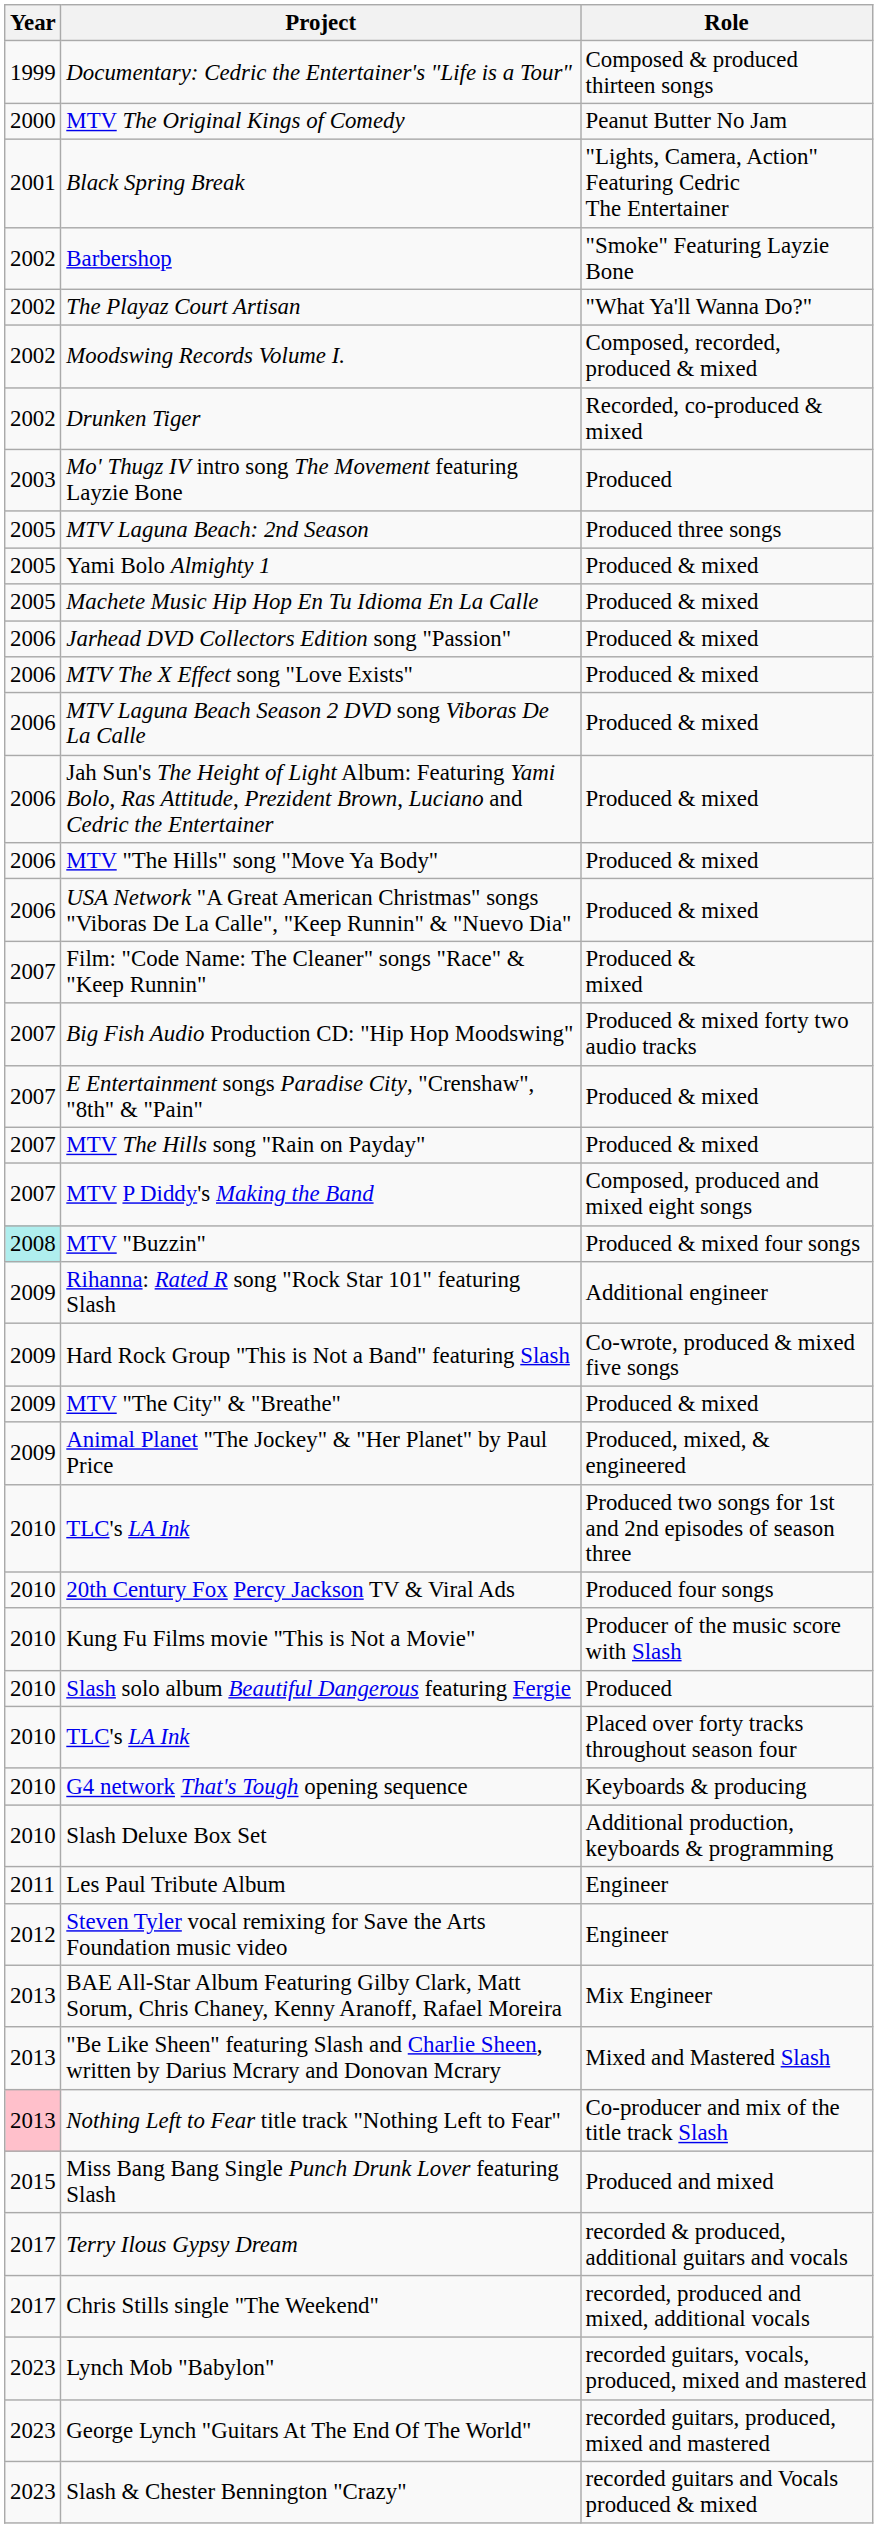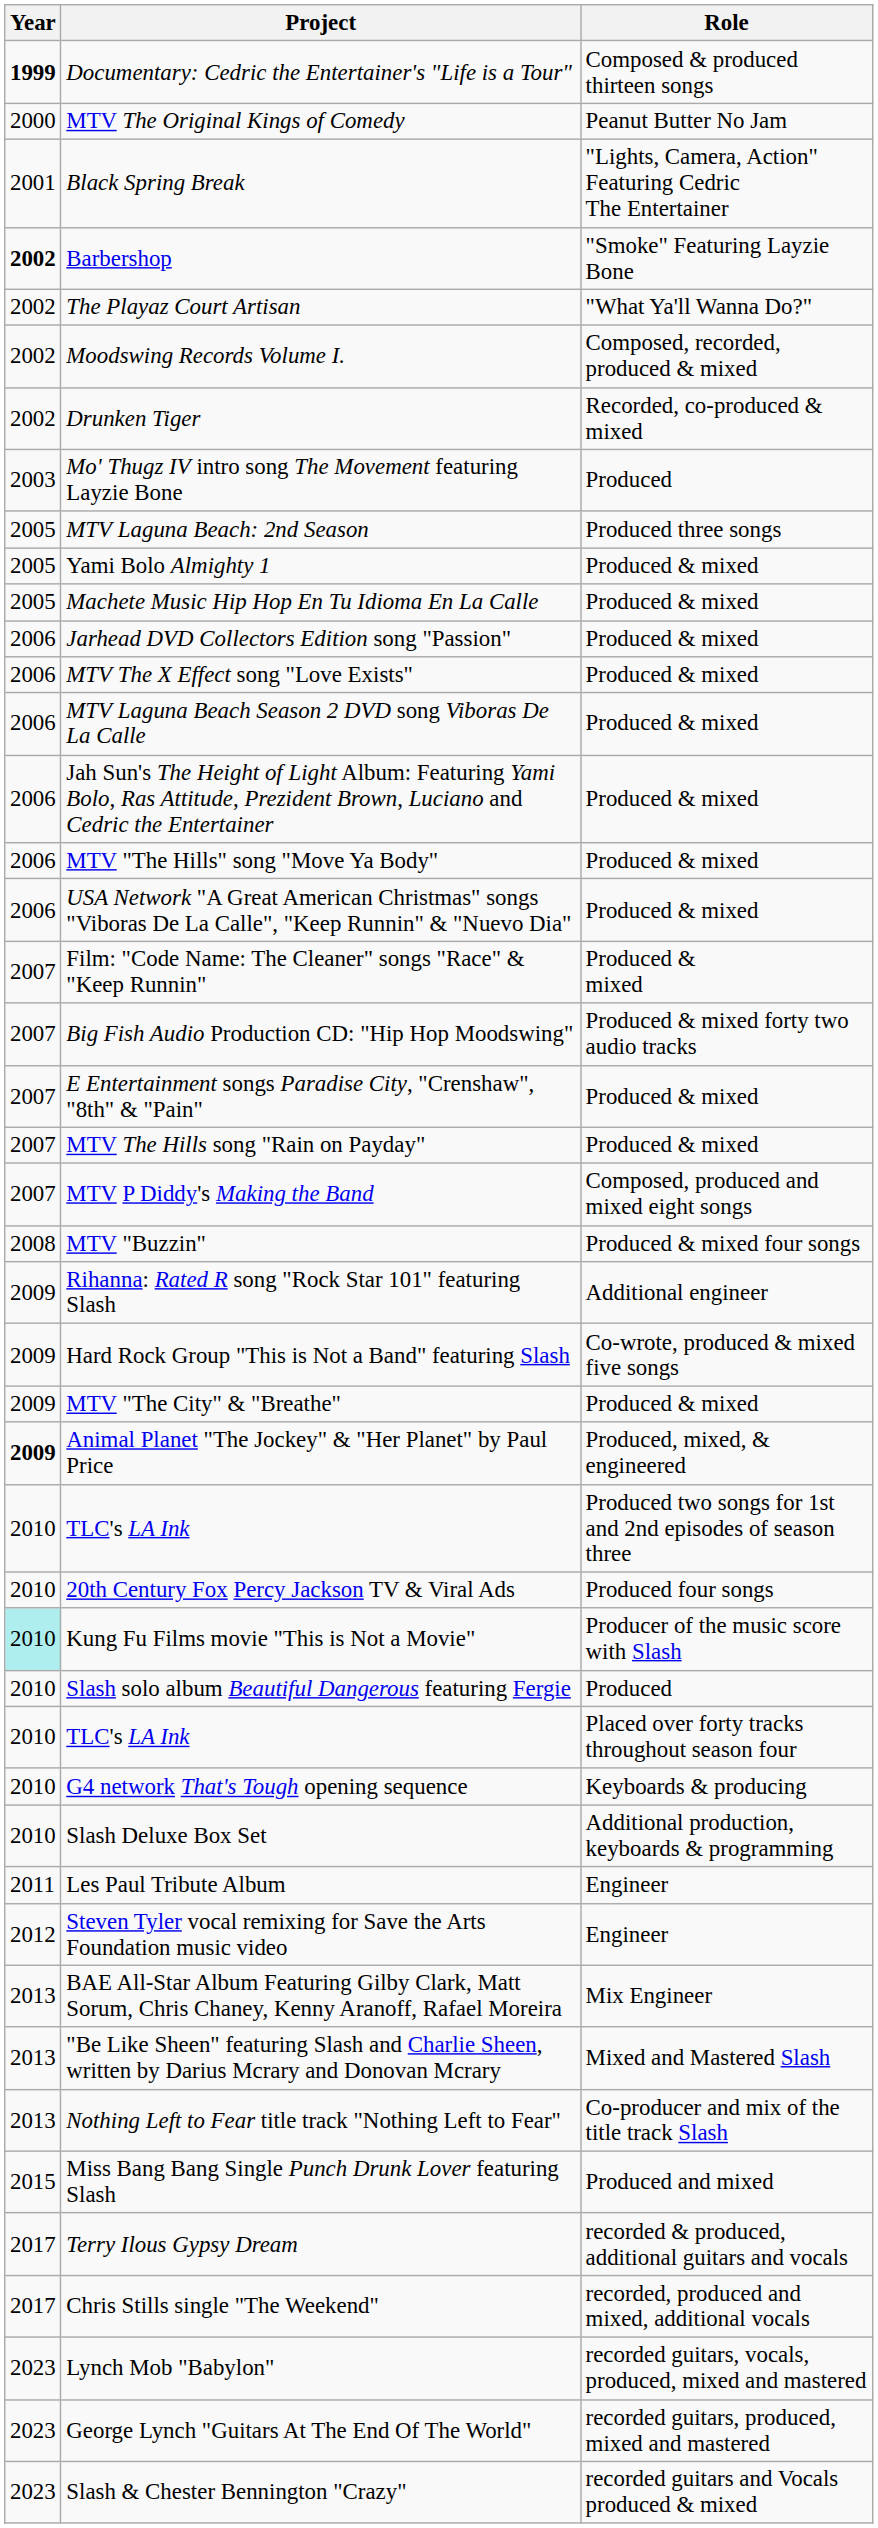 <table class="wikitable">
 <tr>
 <th>Year</th>
 <th>Project</th>
 <th>Role</th>
 </tr>
 <tr>
-<td>1999</td>
+<td><strong>1999</strong></td>
 <td><em>Documentary: Cedric the Entertainer's "Life is a Tour"</em></td>
 <td>Composed & produced thirteen songs</td>
 </tr>
 <tr>
 <td>2000</td>
 <td><a href='#'>MTV</a> <em>The Original Kings of Comedy</em></td>
 <td>Peanut Butter No Jam</td>
 </tr>
 <tr>
 <td>2001</td>
 <td><em>Black Spring Break</em></td>
 <td>"Lights, Camera, Action" Featuring Cedric<br>The Entertainer</td>
 </tr>
 <tr>
-<td>2002</td>
+<td><strong>2002</strong></td>
 <td><a href='#'>Barbershop</a></td>
 <td>"Smoke" Featuring Layzie Bone</td>
 </tr>
 <tr>
 <td>2002</td>
 <td><em>The Playaz Court Artisan</em></td>
 <td>"What Ya'll Wanna Do?"</td>
 </tr>
 <tr>
 <td>2002</td>
 <td><em>Moodswing Records Volume I.</em></td>
 <td>Composed, recorded, produced & mixed</td>
 </tr>
 <tr>
 <td>2002</td>
 <td><em>Drunken Tiger</em></td>
 <td>Recorded, co-produced & mixed</td>
 </tr>
 <tr>
 <td>2003</td>
 <td><em>Mo' Thugz IV</em> intro song <em>The Movement</em> featuring Layzie Bone</td>
 <td>Produced</td>
 </tr>
 <tr>
 <td>2005</td>
 <td><em>MTV</em> <em>Laguna Beach: 2nd Season</em></td>
 <td>Produced three songs</td>
 </tr>
 <tr>
 <td>2005</td>
 <td>Yami Bolo <em>Almighty 1</em></td>
 <td>Produced & mixed</td>
 </tr>
 <tr>
 <td>2005</td>
 <td><em>Machete Music</em> <em>Hip Hop En Tu Idioma</em> <em>En La Calle</em></td>
 <td>Produced & mixed</td>
 </tr>
 <tr>
 <td>2006</td>
 <td><em>Jarhead DVD Collectors Edition</em> song "Passion"</td>
 <td>Produced & mixed</td>
 </tr>
 <tr>
 <td>2006</td>
 <td><em>MTV</em> <em>The X Effect</em> song "Love Exists"</td>
 <td>Produced & mixed</td>
 </tr>
 <tr>
 <td>2006</td>
 <td><em>MTV</em> <em>Laguna Beach Season 2 DVD</em> song <em>Viboras De La Calle</em></td>
 <td>Produced & mixed</td>
 </tr>
 <tr>
 <td>2006</td>
 <td>Jah Sun's <em>The Height of Light</em> Album: Featuring <em>Yami Bolo</em>, <em>Ras Attitude</em>, <em>Prezident Brown</em>, <em>Luciano</em> and <em>Cedric the Entertainer</em></td>
 <td>Produced & mixed</td>
 </tr>
 <tr>
 <td>2006</td>
 <td><a href='#'>MTV</a> "The Hills" song "Move Ya Body"</td>
 <td>Produced & mixed</td>
 </tr>
 <tr>
 <td>2006</td>
 <td><em>USA Network</em> "A Great American Christmas" songs "Viboras De La Calle", "Keep Runnin" & "Nuevo Dia"</td>
 <td>Produced & mixed</td>
 </tr>
 <tr>
 <td>2007</td>
 <td>Film: "Code Name: The Cleaner" songs "Race" & "Keep Runnin"</td>
 <td>Produced &<br>mixed</td>
 </tr>
 <tr>
 <td>2007</td>
 <td><em>Big Fish Audio</em> Production CD: "Hip Hop Moodswing"</td>
 <td>Produced & mixed forty two audio tracks</td>
 </tr>
 <tr>
 <td>2007</td>
 <td><em>E Entertainment</em> songs <em>Paradise City</em>, "Crenshaw", "8th" & "Pain"</td>
 <td>Produced & mixed</td>
 </tr>
 <tr>
 <td>2007</td>
 <td><a href='#'>MTV</a> <em>The Hills</em> song "Rain on Payday"</td>
 <td>Produced & mixed</td>
 </tr>
 <tr>
 <td>2007</td>
 <td><a href='#'>MTV</a> <a href='#'>P Diddy</a>'s <em><a href='#'>Making the Band</a></em></td>
 <td>Composed, produced and mixed eight songs</td>
 </tr>
 <tr>
-<td style="background: paleturquoise;">2008</td>
+<td>2008</td>
 <td><a href='#'>MTV</a> "Buzzin"</td>
 <td>Produced & mixed four songs</td>
 </tr>
 <tr>
 <td>2009</td>
 <td><a href='#'>Rihanna</a>: <em><a href='#'>Rated R</a></em> song "Rock Star 101" featuring Slash</td>
 <td>Additional engineer</td>
 </tr>
 <tr>
 <td>2009</td>
 <td>Hard Rock Group "This is Not a Band" featuring <a href='#'>Slash</a></td>
 <td>Co-wrote, produced & mixed five songs</td>
 </tr>
 <tr>
 <td>2009</td>
 <td><a href='#'>MTV</a> "The City" & "Breathe"</td>
 <td>Produced & mixed</td>
 </tr>
 <tr>
-<td>2009</td>
+<td><strong>2009</strong></td>
 <td><a href='#'>Animal Planet</a> "The Jockey" & "Her Planet" by Paul Price</td>
 <td>Produced, mixed, & engineered</td>
 </tr>
 <tr>
 <td>2010</td>
 <td><a href='#'>TLC</a>'s <em><a href='#'>LA Ink</a></em></td>
 <td>Produced two songs for 1st and 2nd episodes of season three</td>
 </tr>
 <tr>
 <td>2010</td>
 <td><a href='#'>20th Century Fox</a> <a href='#'>Percy Jackson</a> TV & Viral Ads</td>
 <td>Produced four songs</td>
 </tr>
 <tr>
-<td>2010</td>
+<td style="background: paleturquoise;">2010</td>
 <td>Kung Fu Films movie "This is Not a Movie"</td>
 <td>Producer of the music score with <a href='#'>Slash</a></td>
 </tr>
 <tr>
 <td>2010</td>
 <td><a href='#'>Slash</a> solo album <em><a href='#'>Beautiful Dangerous</a></em> featuring <a href='#'>Fergie</a></td>
 <td>Produced</td>
 </tr>
 <tr>
 <td>2010</td>
 <td><a href='#'>TLC</a>'s <em><a href='#'>LA Ink</a></em></td>
 <td>Placed over forty tracks throughout season four</td>
 </tr>
 <tr>
 <td>2010</td>
 <td><a href='#'>G4 network</a> <em><a href='#'>That's Tough</a></em> opening sequence</td>
 <td>Keyboards & producing</td>
 </tr>
 <tr>
 <td>2010</td>
 <td>Slash Deluxe Box Set</td>
 <td>Additional production, keyboards & programming</td>
 </tr>
 <tr>
 <td>2011</td>
 <td>Les Paul Tribute Album</td>
 <td>Engineer</td>
 </tr>
 <tr>
 <td>2012</td>
 <td><a href='#'>Steven Tyler</a> vocal remixing for Save the Arts Foundation music video</td>
 <td>Engineer</td>
 </tr>
 <tr>
 <td>2013</td>
 <td>BAE All-Star Album Featuring Gilby Clark, Matt Sorum, Chris Chaney, Kenny Aranoff, Rafael Moreira</td>
 <td>Mix Engineer</td>
 </tr>
 <tr>
 <td>2013</td>
 <td>"Be Like Sheen" featuring Slash and <a href='#'>Charlie Sheen</a>, written by Darius Mcrary and Donovan Mcrary</td>
 <td>Mixed and Mastered <a href='#'>Slash</a></td>
 </tr>
 <tr>
-<td style="background: pink;">2013</td>
+<td>2013</td>
 <td><em>Nothing Left to Fear</em> title track "Nothing Left to Fear"</td>
 <td>Co-producer and mix of the title track <a href='#'>Slash</a></td>
 </tr>
 <tr>
 <td>2015</td>
 <td>Miss Bang Bang Single <em>Punch Drunk Lover</em> featuring Slash</td>
 <td>Produced and mixed</td>
 </tr>
 <tr>
 <td>2017</td>
 <td><em>Terry Ilous Gypsy Dream</em></td>
 <td>recorded & produced, additional guitars and vocals</td>
 </tr>
 <tr>
 <td>2017</td>
 <td>Chris Stills single "The Weekend"</td>
 <td>recorded, produced and mixed, additional vocals</td>
 </tr>
 <tr>
 <td>2023</td>
 <td>Lynch Mob "Babylon"</td>
 <td>recorded guitars, vocals, produced, mixed and mastered</td>
 </tr>
 <tr>
 <td>2023</td>
 <td>George Lynch "Guitars At The End Of The World"</td>
 <td>recorded guitars, produced, mixed and mastered</td>
 </tr>
 <tr>
 <td>2023</td>
 <td>Slash & Chester Bennington "Crazy"</td>
 <td>recorded guitars and Vocals produced & mixed</td>
 </tr>
 </table>
